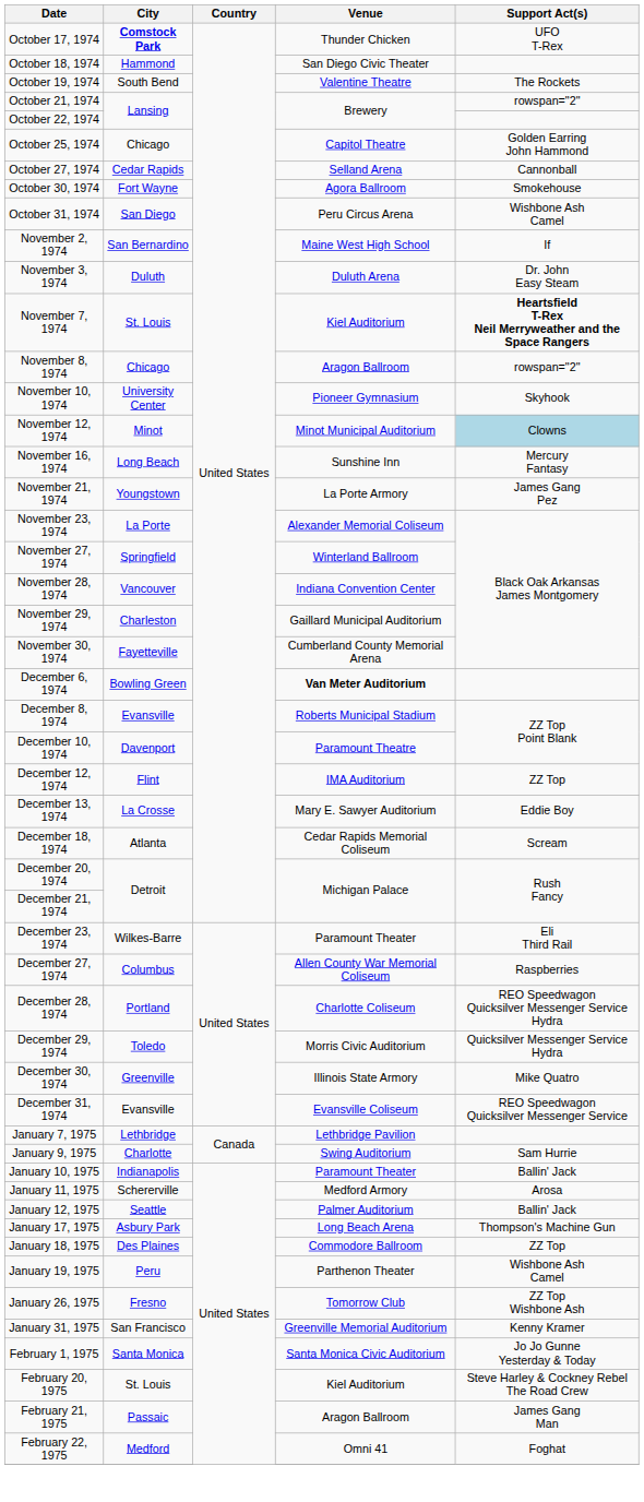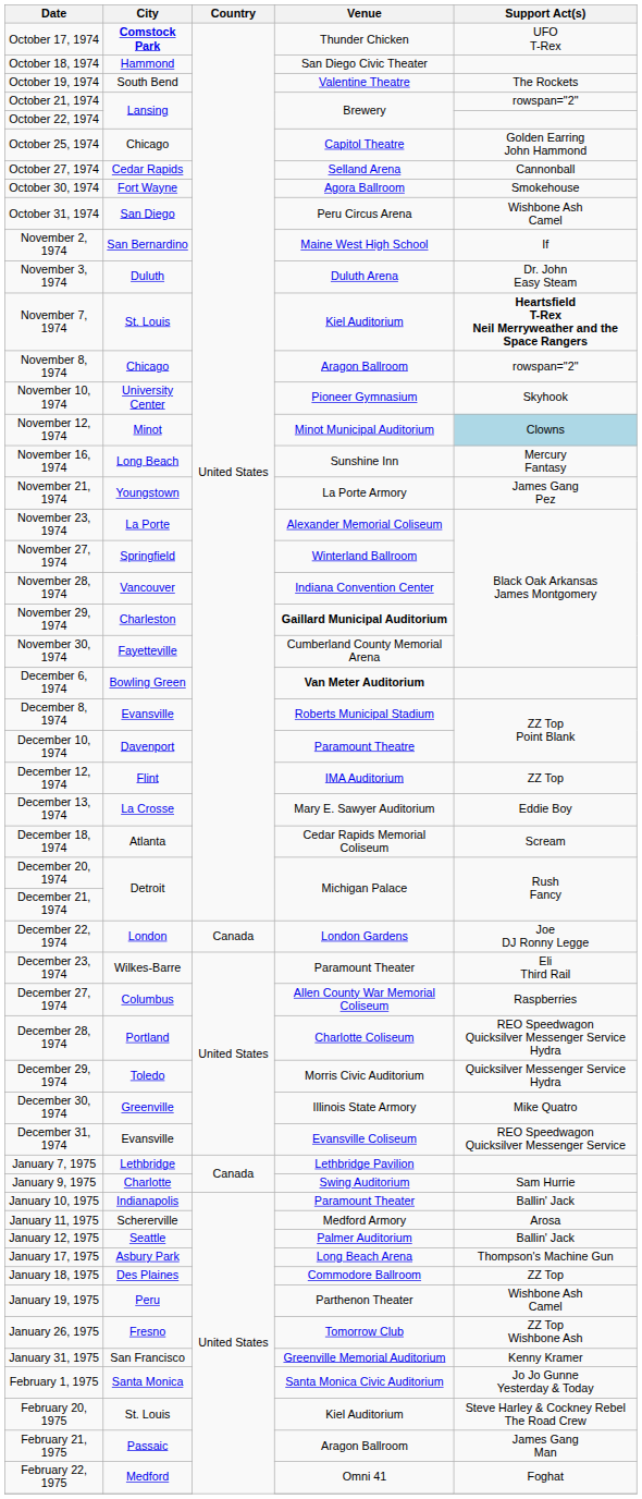 <table class="wikitable" style="text-align:center;">
 <tr>
 <th width="150">Date</th>
 <th width="125">City</th>
 <th width="125">Country</th>
 <th width="300">Venue</th>
 <th width="300">Support Act(s)</th>
 </tr>
 <tr>
 <td>October 17, 1974</td>
 <td><strong><a href='#'>Comstock Park</a></strong></td>
 <td rowspan="30">United States</td>
 <td>Thunder Chicken</td>
 <td>UFO<br>T-Rex</td>
 </tr>
 <tr>
 <td>October 18, 1974</td>
 <td><a href='#'>Hammond</a></td>
 <td>San Diego Civic Theater</td>
 </tr>
 <tr>
 <td>October 19, 1974</td>
 <td>South Bend</td>
 <td><a href='#'>Valentine Theatre</a></td>
 <td>The Rockets</td>
 </tr>
 <tr>
 <td>October 21, 1974</td>
 <td rowspan="2"><a href='#'>Lansing</a></td>
 <td rowspan="2">Brewery</td>
 <td>rowspan="2" </td>
 </tr>
 <tr>
 <td>October 22, 1974</td>
 </tr>
 <tr>
 <td>October 25, 1974</td>
 <td>Chicago</td>
 <td><a href='#'>Capitol Theatre</a></td>
 <td>Golden Earring<br>John Hammond</td>
 </tr>
 <tr>
 <td>October 27, 1974</td>
 <td><a href='#'>Cedar Rapids</a></td>
 <td><a href='#'>Selland Arena</a></td>
 <td>Cannonball</td>
 </tr>
 <tr>
 <td>October 30, 1974</td>
 <td><a href='#'>Fort Wayne</a></td>
 <td><a href='#'>Agora Ballroom</a></td>
 <td>Smokehouse</td>
 </tr>
 <tr>
 <td>October 31, 1974</td>
 <td><a href='#'>San Diego</a></td>
 <td>Peru Circus Arena</td>
 <td>Wishbone Ash<br>Camel</td>
 </tr>
 <tr>
 <td>November 2, 1974</td>
 <td><a href='#'>San Bernardino</a></td>
 <td><a href='#'>Maine West High School</a></td>
 <td>If</td>
 </tr>
 <tr>
 <td>November 3, 1974</td>
 <td><a href='#'>Duluth</a></td>
 <td><a href='#'>Duluth Arena</a></td>
 <td>Dr. John<br>Easy Steam</td>
 </tr>
 <tr>
 <td>November 7, 1974</td>
 <td><a href='#'>St. Louis</a></td>
 <td><a href='#'>Kiel Auditorium</a></td>
 <td><strong>Heartsfield<br>T-Rex<br>Neil Merryweather and the Space Rangers</strong></td>
 </tr>
 <tr>
 <td>November 8, 1974</td>
 <td><a href='#'>Chicago</a></td>
 <td><a href='#'>Aragon Ballroom</a></td>
 <td>rowspan="2" </td>
 </tr>
 <tr>
 <td>November 10, 1974</td>
 <td><a href='#'>University Center</a></td>
 <td><a href='#'>Pioneer Gymnasium</a></td>
 <td>Skyhook</td>
 </tr>
 <tr>
 <td>November 12, 1974</td>
 <td><a href='#'>Minot</a></td>
 <td><a href='#'>Minot Municipal Auditorium</a></td>
 <td style="background: lightblue;">Clowns</td>
 </tr>
 <tr>
 <td>November 16, 1974</td>
 <td><a href='#'>Long Beach</a></td>
 <td>Sunshine Inn</td>
 <td>Mercury<br>Fantasy</td>
 </tr>
 <tr>
 <td>November 21, 1974</td>
 <td><a href='#'>Youngstown</a></td>
 <td>La Porte Armory</td>
 <td>James Gang<br>Pez</td>
 </tr>
 <tr>
 <td>November 23, 1974</td>
 <td><a href='#'>La Porte</a></td>
 <td><a href='#'>Alexander Memorial Coliseum</a></td>
 <td rowspan="5">Black Oak Arkansas<br>James Montgomery</td>
 </tr>
 <tr>
 <td>November 27, 1974</td>
 <td><a href='#'>Springfield</a></td>
 <td><a href='#'>Winterland Ballroom</a></td>
 </tr>
 <tr>
 <td>November 28, 1974</td>
 <td><a href='#'>Vancouver</a></td>
 <td><a href='#'>Indiana Convention Center</a></td>
 </tr>
 <tr>
 <td>November 29, 1974</td>
 <td><a href='#'>Charleston</a></td>
-<td>Gaillard Municipal Auditorium</td>
+<td><strong>Gaillard Municipal Auditorium</strong></td>
 </tr>
 <tr>
 <td>November 30, 1974</td>
 <td><a href='#'>Fayetteville</a></td>
 <td>Cumberland County Memorial Arena</td>
 </tr>
 <tr>
 <td>December 6, 1974</td>
 <td><a href='#'>Bowling Green</a></td>
 <td><strong>Van Meter Auditorium</strong></td>
 <td></td>
 </tr>
 <tr>
 <td>December 8, 1974</td>
 <td><a href='#'>Evansville</a></td>
 <td><a href='#'>Roberts Municipal Stadium</a></td>
 <td rowspan="2">ZZ Top<br>Point Blank</td>
 </tr>
 <tr>
 <td>December 10, 1974</td>
 <td><a href='#'>Davenport</a></td>
 <td><a href='#'>Paramount Theatre</a></td>
 </tr>
 <tr>
 <td>December 12, 1974</td>
 <td><a href='#'>Flint</a></td>
 <td><a href='#'>IMA Auditorium</a></td>
 <td>ZZ Top</td>
 </tr>
 <tr>
 <td>December 13, 1974</td>
 <td><a href='#'>La Crosse</a></td>
 <td>Mary E. Sawyer Auditorium</td>
 <td>Eddie Boy</td>
 </tr>
 <tr>
 <td>December 18, 1974</td>
 <td>Atlanta</td>
 <td>Cedar Rapids Memorial Coliseum</td>
 <td>Scream</td>
 </tr>
 <tr>
 <td>December 20, 1974</td>
 <td rowspan="2">Detroit</td>
 <td rowspan="2">Michigan Palace</td>
 <td rowspan="2">Rush<br>Fancy</td>
 </tr>
 <tr>
 <td>December 21, 1974</td>
+</tr>
+<tr>
+<td>December 22, 1974</td>
+<td><a href='#'>London</a></td>
+<td>Canada</td>
+<td><a href='#'>London Gardens</a></td>
+<td>Joe<br>DJ Ronny Legge</td>
 </tr>
 <tr>
 <td>December 23, 1974</td>
 <td>Wilkes-Barre</td>
 <td rowspan="6">United States</td>
 <td>Paramount Theater</td>
 <td>Eli<br>Third Rail</td>
 </tr>
 <tr>
 <td>December 27, 1974</td>
 <td><a href='#'>Columbus</a></td>
 <td><a href='#'>Allen County War Memorial Coliseum</a></td>
 <td>Raspberries</td>
 </tr>
 <tr>
 <td>December 28, 1974</td>
 <td><a href='#'>Portland</a></td>
 <td><a href='#'>Charlotte Coliseum</a></td>
 <td>REO Speedwagon<br>Quicksilver Messenger Service<br>Hydra</td>
 </tr>
 <tr>
 <td>December 29, 1974</td>
 <td><a href='#'>Toledo</a></td>
 <td>Morris Civic Auditorium</td>
 <td>Quicksilver Messenger Service<br>Hydra</td>
 </tr>
 <tr>
 <td>December 30, 1974</td>
 <td><a href='#'>Greenville</a></td>
 <td>Illinois State Armory</td>
 <td>Mike Quatro</td>
 </tr>
 <tr>
 <td>December 31, 1974</td>
 <td>Evansville</td>
 <td><a href='#'>Evansville Coliseum</a></td>
 <td>REO Speedwagon<br>Quicksilver Messenger Service</td>
 </tr>
 <tr>
 <td>January 7, 1975</td>
 <td><a href='#'>Lethbridge</a></td>
 <td rowspan="2">Canada</td>
 <td><a href='#'>Lethbridge Pavilion</a></td>
 <td></td>
 </tr>
 <tr>
 <td>January 9, 1975</td>
 <td><a href='#'>Charlotte</a></td>
 <td><a href='#'>Swing Auditorium</a></td>
 <td>Sam Hurrie</td>
 </tr>
 <tr>
 <td>January 10, 1975</td>
 <td><a href='#'>Indianapolis</a></td>
 <td rowspan="13">United States</td>
 <td><a href='#'>Paramount Theater</a></td>
 <td>Ballin' Jack</td>
 </tr>
 <tr>
 <td>January 11, 1975</td>
 <td>Schererville</td>
 <td>Medford Armory</td>
 <td>Arosa</td>
 </tr>
 <tr>
 <td>January 12, 1975</td>
 <td><a href='#'>Seattle</a></td>
 <td><a href='#'>Palmer Auditorium</a></td>
 <td>Ballin' Jack</td>
 </tr>
 <tr>
 <td>January 17, 1975</td>
 <td><a href='#'>Asbury Park</a></td>
 <td><a href='#'>Long Beach Arena</a></td>
 <td>Thompson's Machine Gun</td>
 </tr>
 <tr>
 <td>January 18, 1975</td>
 <td><a href='#'>Des Plaines</a></td>
 <td><a href='#'>Commodore Ballroom</a></td>
 <td>ZZ Top</td>
 </tr>
 <tr>
 <td>January 19, 1975</td>
 <td><a href='#'>Peru</a></td>
 <td>Parthenon Theater</td>
 <td>Wishbone Ash<br>Camel</td>
 </tr>
 <tr>
 <td>January 26, 1975</td>
 <td><a href='#'>Fresno</a></td>
 <td><a href='#'>Tomorrow Club</a></td>
 <td>ZZ Top<br>Wishbone Ash</td>
 </tr>
 <tr>
 <td>January 31, 1975</td>
 <td>San Francisco</td>
 <td><a href='#'>Greenville Memorial Auditorium</a></td>
 <td>Kenny Kramer</td>
 </tr>
 <tr>
 <td>February 1, 1975</td>
 <td><a href='#'>Santa Monica</a></td>
 <td><a href='#'>Santa Monica Civic Auditorium</a></td>
 <td>Jo Jo Gunne<br>Yesterday & Today</td>
 </tr>
 <tr>
 <td>February 20, 1975</td>
 <td>St. Louis</td>
 <td>Kiel Auditorium</td>
 <td>Steve Harley & Cockney Rebel<br>The Road Crew</td>
 </tr>
 <tr>
 <td>February 21, 1975</td>
 <td><a href='#'>Passaic</a></td>
 <td>Aragon Ballroom</td>
 <td>James Gang<br>Man</td>
 </tr>
 <tr>
 <td>February 22, 1975</td>
 <td><a href='#'>Medford</a></td>
 <td>Omni 41</td>
 <td>Foghat</td>
 </tr>
 <tr>
 </tr>
 </table>
